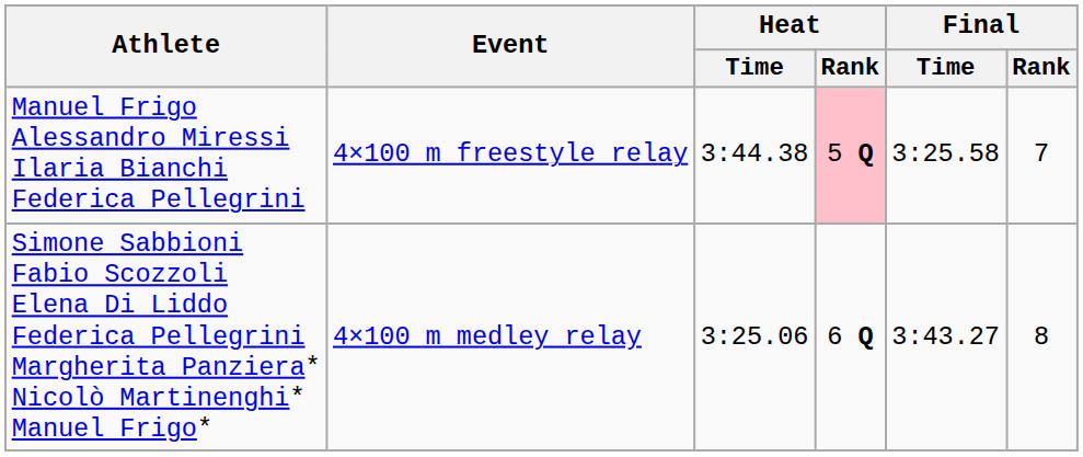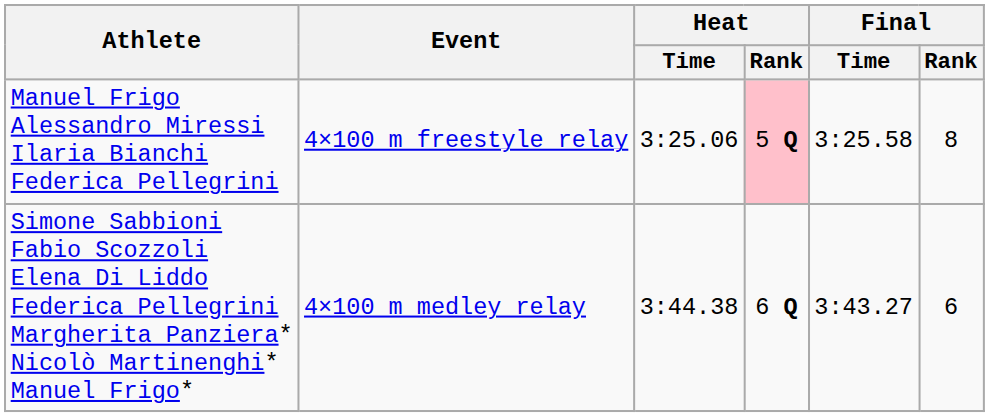 <table class="wikitable" style="text-align:center; font-size:90%">
 <tr>
 <th rowspan=2>Athlete</th>
 <th rowspan=2>Event</th>
 <th colspan=2>Heat</th>
 <th colspan=2>Final</th>
 </tr>
 <tr style="font-size:95%">
 <th>Time</th>
 <th>Rank</th>
 <th>Time</th>
 <th>Rank</th>
 </tr>
 <tr>
 <td align=left><a href='#'>Manuel Frigo</a><br><a href='#'>Alessandro Miressi</a><br><a href='#'>Ilaria Bianchi</a><br><a href='#'>Federica Pellegrini</a></td>
 <td align=left><a href='#'>4×100 m freestyle relay</a></td>
-<td>3:44.38</td>
+<td>3:25.06</td>
 <td style="background: pink;">5 <strong>Q</strong></td>
 <td>3:25.58</td>
-<td>7</td>
+<td>8</td>
 </tr>
 <tr>
 <td align=left><a href='#'>Simone Sabbioni</a><br><a href='#'>Fabio Scozzoli</a><br><a href='#'>Elena Di Liddo</a><br><a href='#'>Federica Pellegrini</a><br><a href='#'>Margherita Panziera</a>*<br><a href='#'>Nicolò Martinenghi</a>*<br><a href='#'>Manuel Frigo</a>*</td>
 <td align=left><a href='#'>4×100 m medley relay</a></td>
-<td>3:25.06</td>
+<td>3:44.38</td>
 <td>6 <strong>Q</strong></td>
 <td>3:43.27</td>
-<td>8</td>
+<td>6</td>
 </tr>
 </table>
